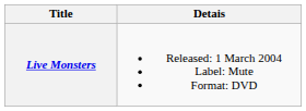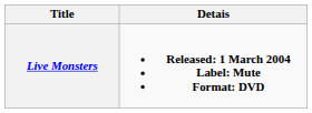 <table class="wikitable plainrowheaders" style="text-align:center">
 <tr>
 <th scope="col" style="width:9em;">Title</th>
 <th scope="col" style="width:15em;">Detais</th>
 </tr>
 <tr>
 <th scope="row"><em><a href='#'>Live Monsters</a></em></th>
-<td><br><ul><li>Released: 1 March 2004</li><li>Label: Mute</li><li>Format: DVD</li></ul></td>
+<td><strong><br><ul><li>Released: 1 March 2004</li><li>Label: Mute</li><li>Format: DVD</li></ul></strong></td>
 </tr>
 </table>
